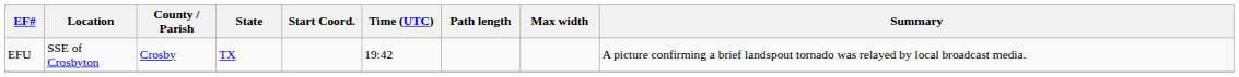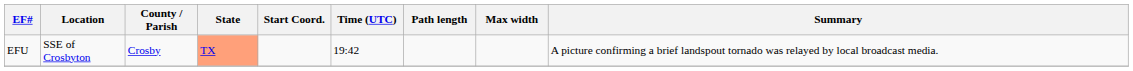 <table class="wikitable sortable" style="width:100%;">
 <tr>
 <th scope="col"  style="width:3%; text-align:center;"><a href='#'>EF#</a></th>
 <th scope="col"  style="width:7%; text-align:center;" class="unsortable">Location</th>
 <th scope="col"  style="width:6%; text-align:center;" class="unsortable">County / Parish</th>
 <th scope="col"  style="width:5%; text-align:center;">State</th>
 <th scope="col"  style="width:6%; text-align:center;">Start Coord.</th>
 <th scope="col"  style="width:6%; text-align:center;">Time (<a href='#'>UTC</a>)</th>
 <th scope="col"  style="width:6%; text-align:center;">Path length</th>
 <th scope="col"  style="width:6%; text-align:center;">Max width</th>
 <th scope="col" class="unsortable" style="width:48%; text-align:center;">Summary</th>
 </tr>
 <tr>
 <td>EFU</td>
 <td>SSE of <a href='#'>Crosbyton</a></td>
 <td><a href='#'>Crosby</a></td>
-<td><a href='#'>TX</a></td>
+<td style="background: lightsalmon;"><a href='#'>TX</a></td>
 <td></td>
 <td>19:42</td>
 <td></td>
 <td></td>
 <td>A picture confirming a brief landspout tornado was relayed by local broadcast media.</td>
 </tr>
 <tr>
 </tr>
 </table>
